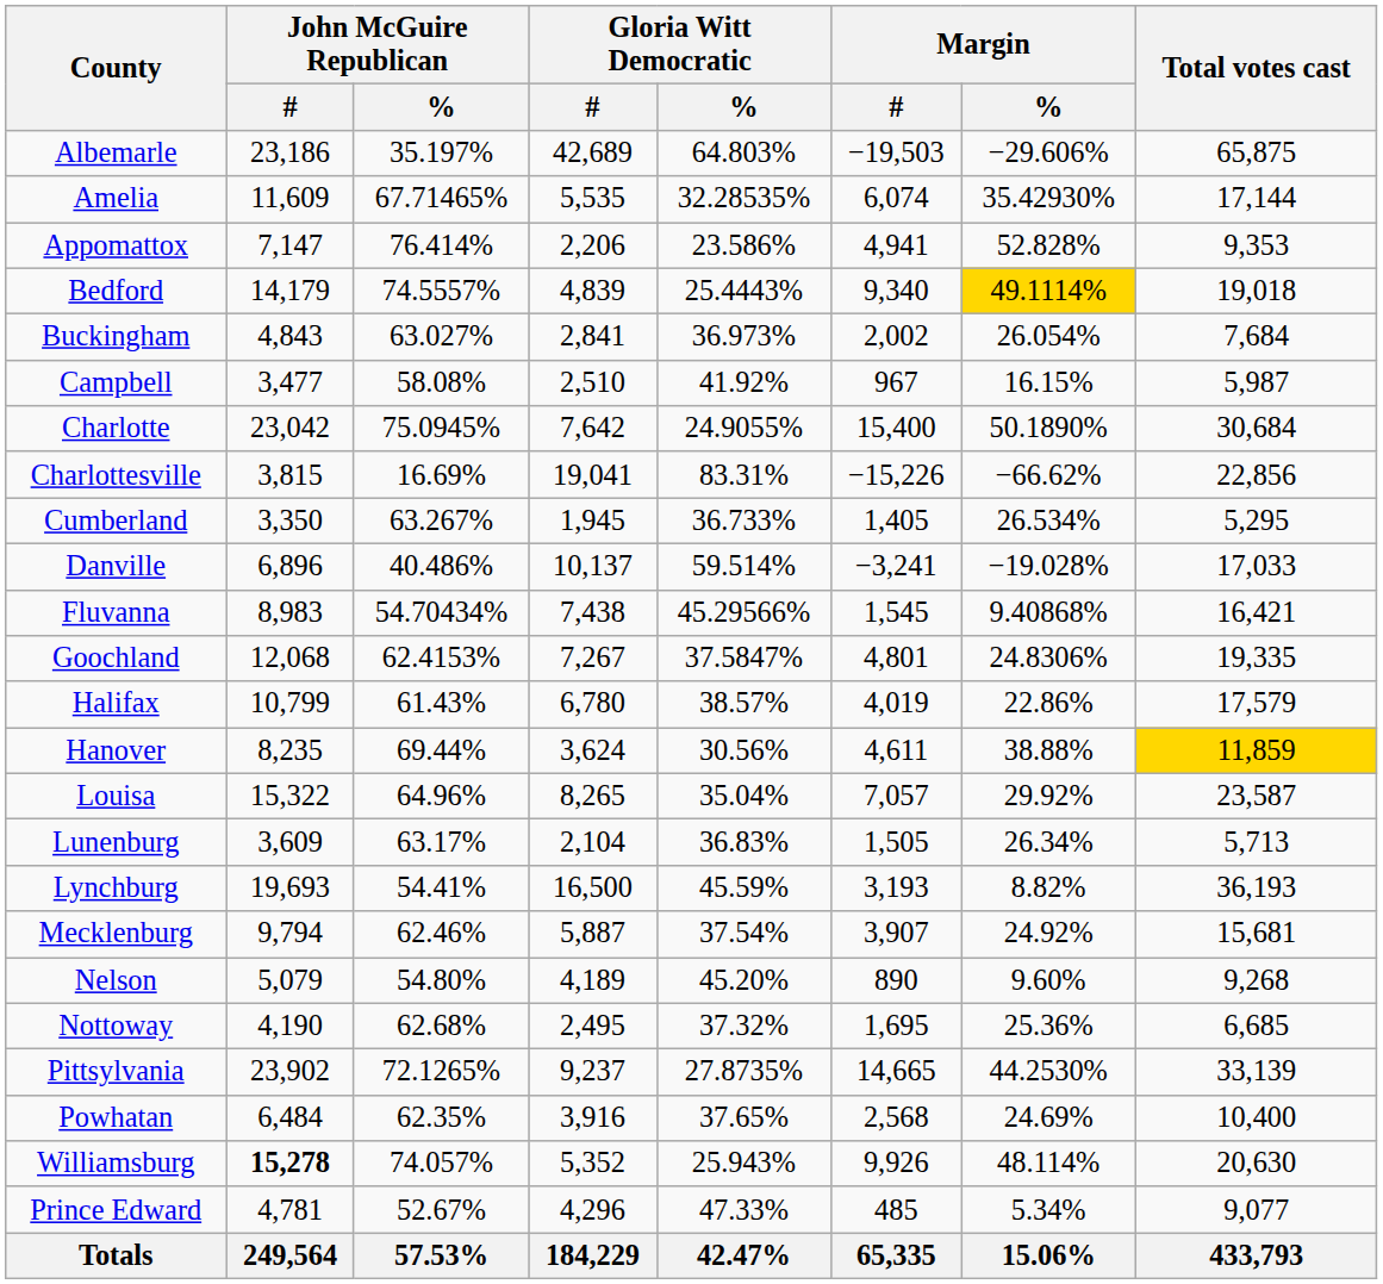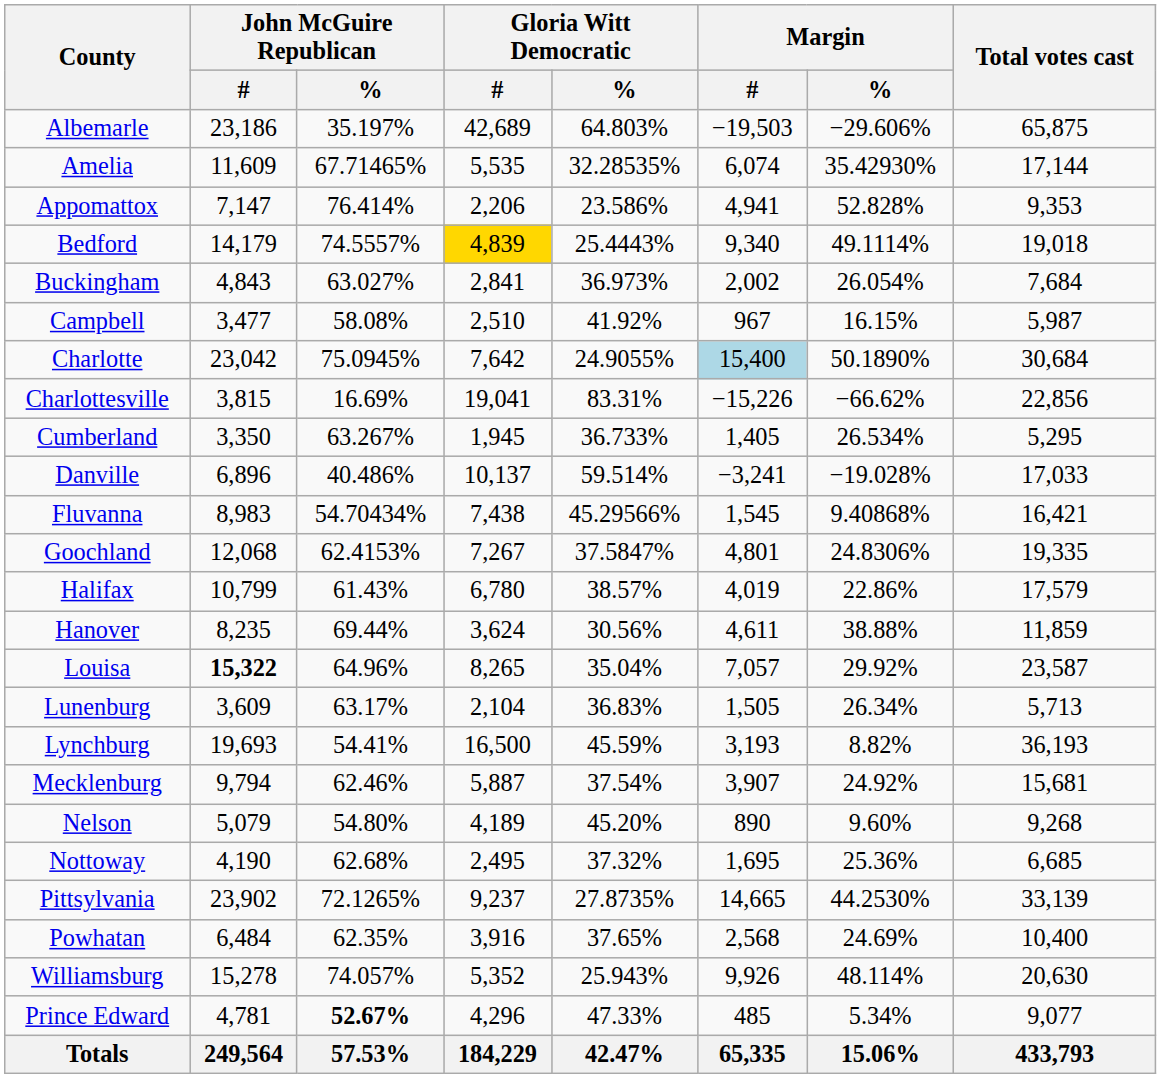 <table width="60%"  class="wikitable sortable" style="text-align:center">
 <tr>
 <th rowspan="2">County</th>
 <th style="text-align:center;" colspan="2">John McGuire<br>Republican</th>
 <th style="text-align:center;" colspan="2">Gloria Witt<br>Democratic</th>
 <th style="text-align:center;" colspan="2">Margin</th>
 <th rowspan="2" style="text-align:center;">Total votes cast</th>
 </tr>
 <tr>
 <th style="text-align:center;" data-sort-type="number">#</th>
 <th style="text-align:center;" data-sort-type="number">%</th>
 <th style="text-align:center;" data-sort-type="number">#</th>
 <th style="text-align:center;" data-sort-type="number">%</th>
 <th style="text-align:center;" data-sort-type="number">#</th>
 <th style="text-align:center;" data-sort-type="number">%</th>
 </tr>
 <tr style="text-align:center;">
 <td><a href='#'>Albemarle</a></td>
 <td>23,186</td>
 <td>35.197%</td>
 <td>42,689</td>
 <td>64.803%</td>
 <td>−19,503</td>
 <td>−29.606%</td>
 <td>65,875</td>
 </tr>
 <tr style="text-align:center;">
 <td><a href='#'>Amelia</a></td>
 <td>11,609</td>
 <td>67.71465%</td>
 <td>5,535</td>
 <td>32.28535%</td>
 <td>6,074</td>
 <td>35.42930%</td>
 <td>17,144</td>
 </tr>
 <tr style="text-align:center;">
 <td><a href='#'>Appomattox</a></td>
 <td>7,147</td>
 <td>76.414%</td>
 <td>2,206</td>
 <td>23.586%</td>
 <td>4,941</td>
 <td>52.828%</td>
 <td>9,353</td>
 </tr>
 <tr style="text-align:center;">
 <td><a href='#'>Bedford</a></td>
 <td>14,179</td>
 <td>74.5557%</td>
-<td>4,839</td>
+<td style="background: gold;">4,839</td>
 <td>25.4443%</td>
 <td>9,340</td>
-<td style="background: gold;">49.1114%</td>
+<td>49.1114%</td>
 <td>19,018</td>
 </tr>
 <tr style="text-align:center;">
 <td><a href='#'>Buckingham</a></td>
 <td>4,843</td>
 <td>63.027%</td>
 <td>2,841</td>
 <td>36.973%</td>
 <td>2,002</td>
 <td>26.054%</td>
 <td>7,684</td>
 </tr>
 <tr style="text-align:center;">
 <td><a href='#'>Campbell</a></td>
 <td>3,477</td>
 <td>58.08%</td>
 <td>2,510</td>
 <td>41.92%</td>
 <td>967</td>
 <td>16.15%</td>
 <td>5,987</td>
 </tr>
 <tr style="text-align:center;">
 <td><a href='#'>Charlotte</a></td>
 <td>23,042</td>
 <td>75.0945%</td>
 <td>7,642</td>
 <td>24.9055%</td>
-<td>15,400</td>
+<td style="background: lightblue;">15,400</td>
 <td>50.1890%</td>
 <td>30,684</td>
 </tr>
 <tr style="text-align:center;">
 <td><a href='#'>Charlottesville</a></td>
 <td>3,815</td>
 <td>16.69%</td>
 <td>19,041</td>
 <td>83.31%</td>
 <td>−15,226</td>
 <td>−66.62%</td>
 <td>22,856</td>
 </tr>
 <tr style="text-align:center;">
 <td><a href='#'>Cumberland</a></td>
 <td>3,350</td>
 <td>63.267%</td>
 <td>1,945</td>
 <td>36.733%</td>
 <td>1,405</td>
 <td>26.534%</td>
 <td>5,295</td>
 </tr>
 <tr style="text-align:center;">
 <td><a href='#'>Danville</a></td>
 <td>6,896</td>
 <td>40.486%</td>
 <td>10,137</td>
 <td>59.514%</td>
 <td>−3,241</td>
 <td>−19.028%</td>
 <td>17,033</td>
 </tr>
 <tr style="text-align:center;">
 <td><a href='#'>Fluvanna</a></td>
 <td>8,983</td>
 <td>54.70434%</td>
 <td>7,438</td>
 <td>45.29566%</td>
 <td>1,545</td>
 <td>9.40868%</td>
 <td>16,421</td>
 </tr>
 <tr style="text-align:center;">
 <td><a href='#'>Goochland</a></td>
 <td>12,068</td>
 <td>62.4153%</td>
 <td>7,267</td>
 <td>37.5847%</td>
 <td>4,801</td>
 <td>24.8306%</td>
 <td>19,335</td>
 </tr>
 <tr style="text-align:center;">
 <td><a href='#'>Halifax</a></td>
 <td>10,799</td>
 <td>61.43%</td>
 <td>6,780</td>
 <td>38.57%</td>
 <td>4,019</td>
 <td>22.86%</td>
 <td>17,579</td>
 </tr>
 <tr style="text-align:center;">
 <td><a href='#'>Hanover</a></td>
 <td>8,235</td>
 <td>69.44%</td>
 <td>3,624</td>
 <td>30.56%</td>
 <td>4,611</td>
 <td>38.88%</td>
-<td style="background: gold;">11,859</td>
+<td>11,859</td>
 </tr>
 <tr style="text-align:center;">
 <td><a href='#'>Louisa</a></td>
-<td>15,322</td>
+<td><strong>15,322</strong></td>
 <td>64.96%</td>
 <td>8,265</td>
 <td>35.04%</td>
 <td>7,057</td>
 <td>29.92%</td>
 <td>23,587</td>
 </tr>
 <tr style="text-align:center;">
 <td><a href='#'>Lunenburg</a></td>
 <td>3,609</td>
 <td>63.17%</td>
 <td>2,104</td>
 <td>36.83%</td>
 <td>1,505</td>
 <td>26.34%</td>
 <td>5,713</td>
 </tr>
 <tr style="text-align:center;">
 <td><a href='#'>Lynchburg</a></td>
 <td>19,693</td>
 <td>54.41%</td>
 <td>16,500</td>
 <td>45.59%</td>
 <td>3,193</td>
 <td>8.82%</td>
 <td>36,193</td>
 </tr>
 <tr style="text-align:center;">
 <td><a href='#'>Mecklenburg</a></td>
 <td>9,794</td>
 <td>62.46%</td>
 <td>5,887</td>
 <td>37.54%</td>
 <td>3,907</td>
 <td>24.92%</td>
 <td>15,681</td>
 </tr>
 <tr style="text-align:center;">
 <td><a href='#'>Nelson</a></td>
 <td>5,079</td>
 <td>54.80%</td>
 <td>4,189</td>
 <td>45.20%</td>
 <td>890</td>
 <td>9.60%</td>
 <td>9,268</td>
 </tr>
 <tr style="text-align:center;">
 <td><a href='#'>Nottoway</a></td>
 <td>4,190</td>
 <td>62.68%</td>
 <td>2,495</td>
 <td>37.32%</td>
 <td>1,695</td>
 <td>25.36%</td>
 <td>6,685</td>
 </tr>
 <tr style="text-align:center;">
 <td><a href='#'>Pittsylvania</a></td>
 <td>23,902</td>
 <td>72.1265%</td>
 <td>9,237</td>
 <td>27.8735%</td>
 <td>14,665</td>
 <td>44.2530%</td>
 <td>33,139</td>
 </tr>
 <tr style="text-align:center;">
 <td><a href='#'>Powhatan</a></td>
 <td>6,484</td>
 <td>62.35%</td>
 <td>3,916</td>
 <td>37.65%</td>
 <td>2,568</td>
 <td>24.69%</td>
 <td>10,400</td>
 </tr>
 <tr style="text-align:center;">
 <td><a href='#'>Williamsburg</a></td>
-<td><strong>15,278</strong></td>
+<td>15,278</td>
 <td>74.057%</td>
 <td>5,352</td>
 <td>25.943%</td>
 <td>9,926</td>
 <td>48.114%</td>
 <td>20,630</td>
 </tr>
 <tr style="text-align:center;">
 <td><a href='#'>Prince Edward</a></td>
 <td>4,781</td>
-<td>52.67%</td>
+<td><strong>52.67%</strong></td>
 <td>4,296</td>
 <td>47.33%</td>
 <td>485</td>
 <td>5.34%</td>
 <td>9,077</td>
 </tr>
 <tr style="text-align:center;">
 <th>Totals</th>
 <th>249,564</th>
 <th>57.53%</th>
 <th>184,229</th>
 <th>42.47%</th>
 <th>65,335</th>
 <th>15.06%</th>
 <th>433,793</th>
 </tr>
 </table>
